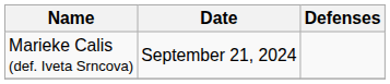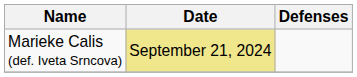 <table class="wikitable">
 <tr>
 <th>Name</th>
 <th>Date</th>
 <th>Defenses</th>
 </tr>
 <tr>
 <td align=left> Marieke Calis <br><small>(def. Iveta Srncova)</small></td>
-<td align=center>September 21, 2024</td>
+<td align=center style="background: khaki;">September 21, 2024</td>
 <td></td>
 </tr>
 <tr>
 </tr>
 </table>
